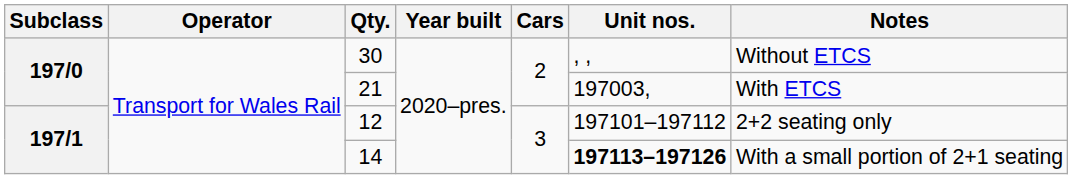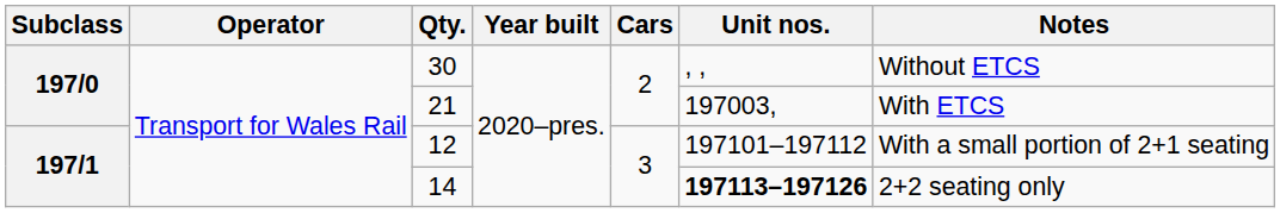 <table class="wikitable">
 <tr>
 <th>Subclass</th>
 <th>Operator</th>
 <th>Qty.</th>
 <th>Year built</th>
 <th>Cars</th>
 <th>Unit nos.</th>
 <th>Notes</th>
 </tr>
 <tr>
 <th rowspan=2>197/0</th>
 <td align=center rowspan=4><a href='#'>Transport for Wales Rail</a></td>
 <td align=center>30</td>
 <td align=center rowspan="4">2020–pres.</td>
 <td align=center rowspan="2">2</td>
 <td>, , </td>
 <td>Without <a href='#'>ETCS</a></td>
 </tr>
 <tr>
 <td align=center>21</td>
 <td>197003, </td>
 <td>With <a href='#'>ETCS</a></td>
 </tr>
 <tr>
 <th rowspan=2>197/1</th>
 <td align=center>12</td>
 <td align=center rowspan="2">3</td>
 <td>197101–197112</td>
-<td>2+2 seating only</td>
+<td>With a small portion of 2+1 seating</td>
 </tr>
 <tr>
 <td align=center>14</td>
 <td><strong>197113–197126</strong></td>
-<td>With a small portion of 2+1 seating</td>
+<td>2+2 seating only</td>
 </tr>
 </table>
